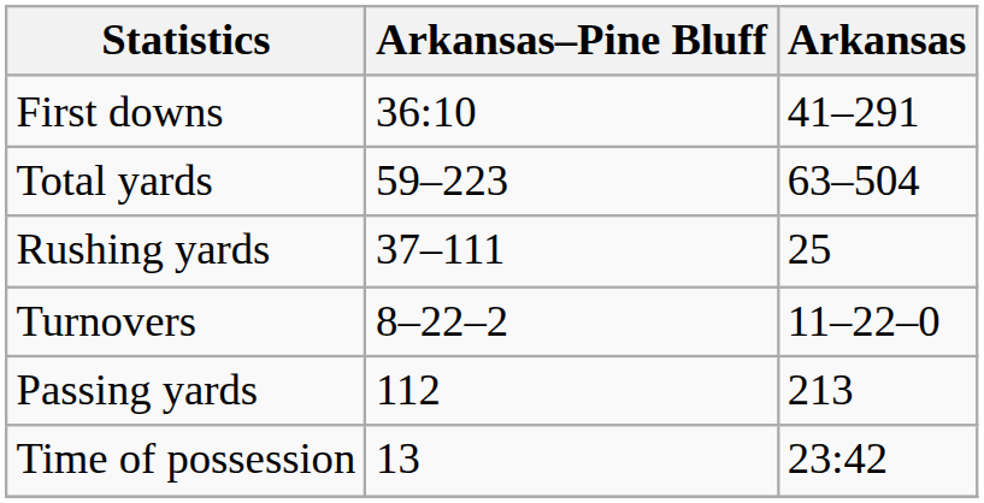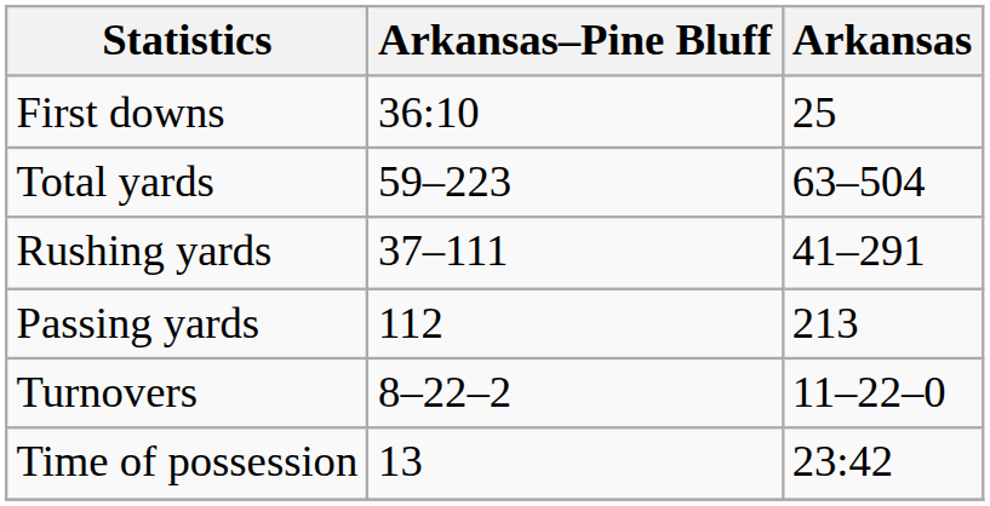 <table class="wikitable">
 <tr>
 <th>Statistics</th>
 <th>Arkansas–Pine Bluff</th>
 <th>Arkansas</th>
 </tr>
 <tr>
 <td>First downs</td>
 <td>36:10</td>
-<td>41–291</td>
+<td>25</td>
 </tr>
 <tr>
 <td>Total yards</td>
 <td>59–223</td>
 <td>63–504</td>
 </tr>
 <tr>
 <td>Rushing yards</td>
 <td>37–111</td>
-<td>25</td>
+<td>41–291</td>
+</tr>
+<tr>
+<td>Passing yards</td>
+<td>112</td>
+<td>213</td>
 </tr>
 <tr>
 <td>Turnovers</td>
 <td>8–22–2</td>
 <td>11–22–0</td>
-</tr>
-<tr>
-<td>Passing yards</td>
-<td>112</td>
-<td>213</td>
 </tr>
 <tr>
 <td>Time of possession</td>
 <td>13</td>
 <td>23:42</td>
 </tr>
 <tr>
 </tr>
 </table>
